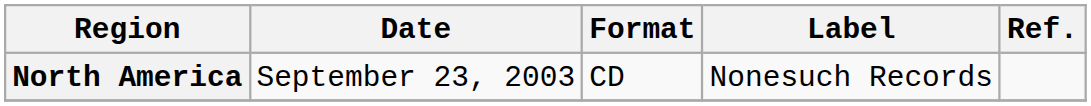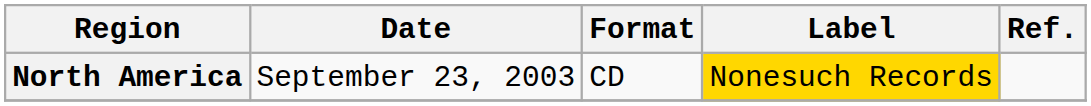 <table class="wikitable plainrowheaders">
 <tr>
 <th scope="col">Region</th>
 <th scope="col">Date</th>
 <th scope="col">Format</th>
 <th scope="col">Label</th>
 <th scope="col">Ref.</th>
 </tr>
 <tr>
 <th scope="row">North America</th>
 <td>September 23, 2003</td>
 <td>CD</td>
-<td>Nonesuch Records</td>
+<td style="background: gold;">Nonesuch Records</td>
 <td></td>
 </tr>
 <tr>
 </tr>
 </table>
